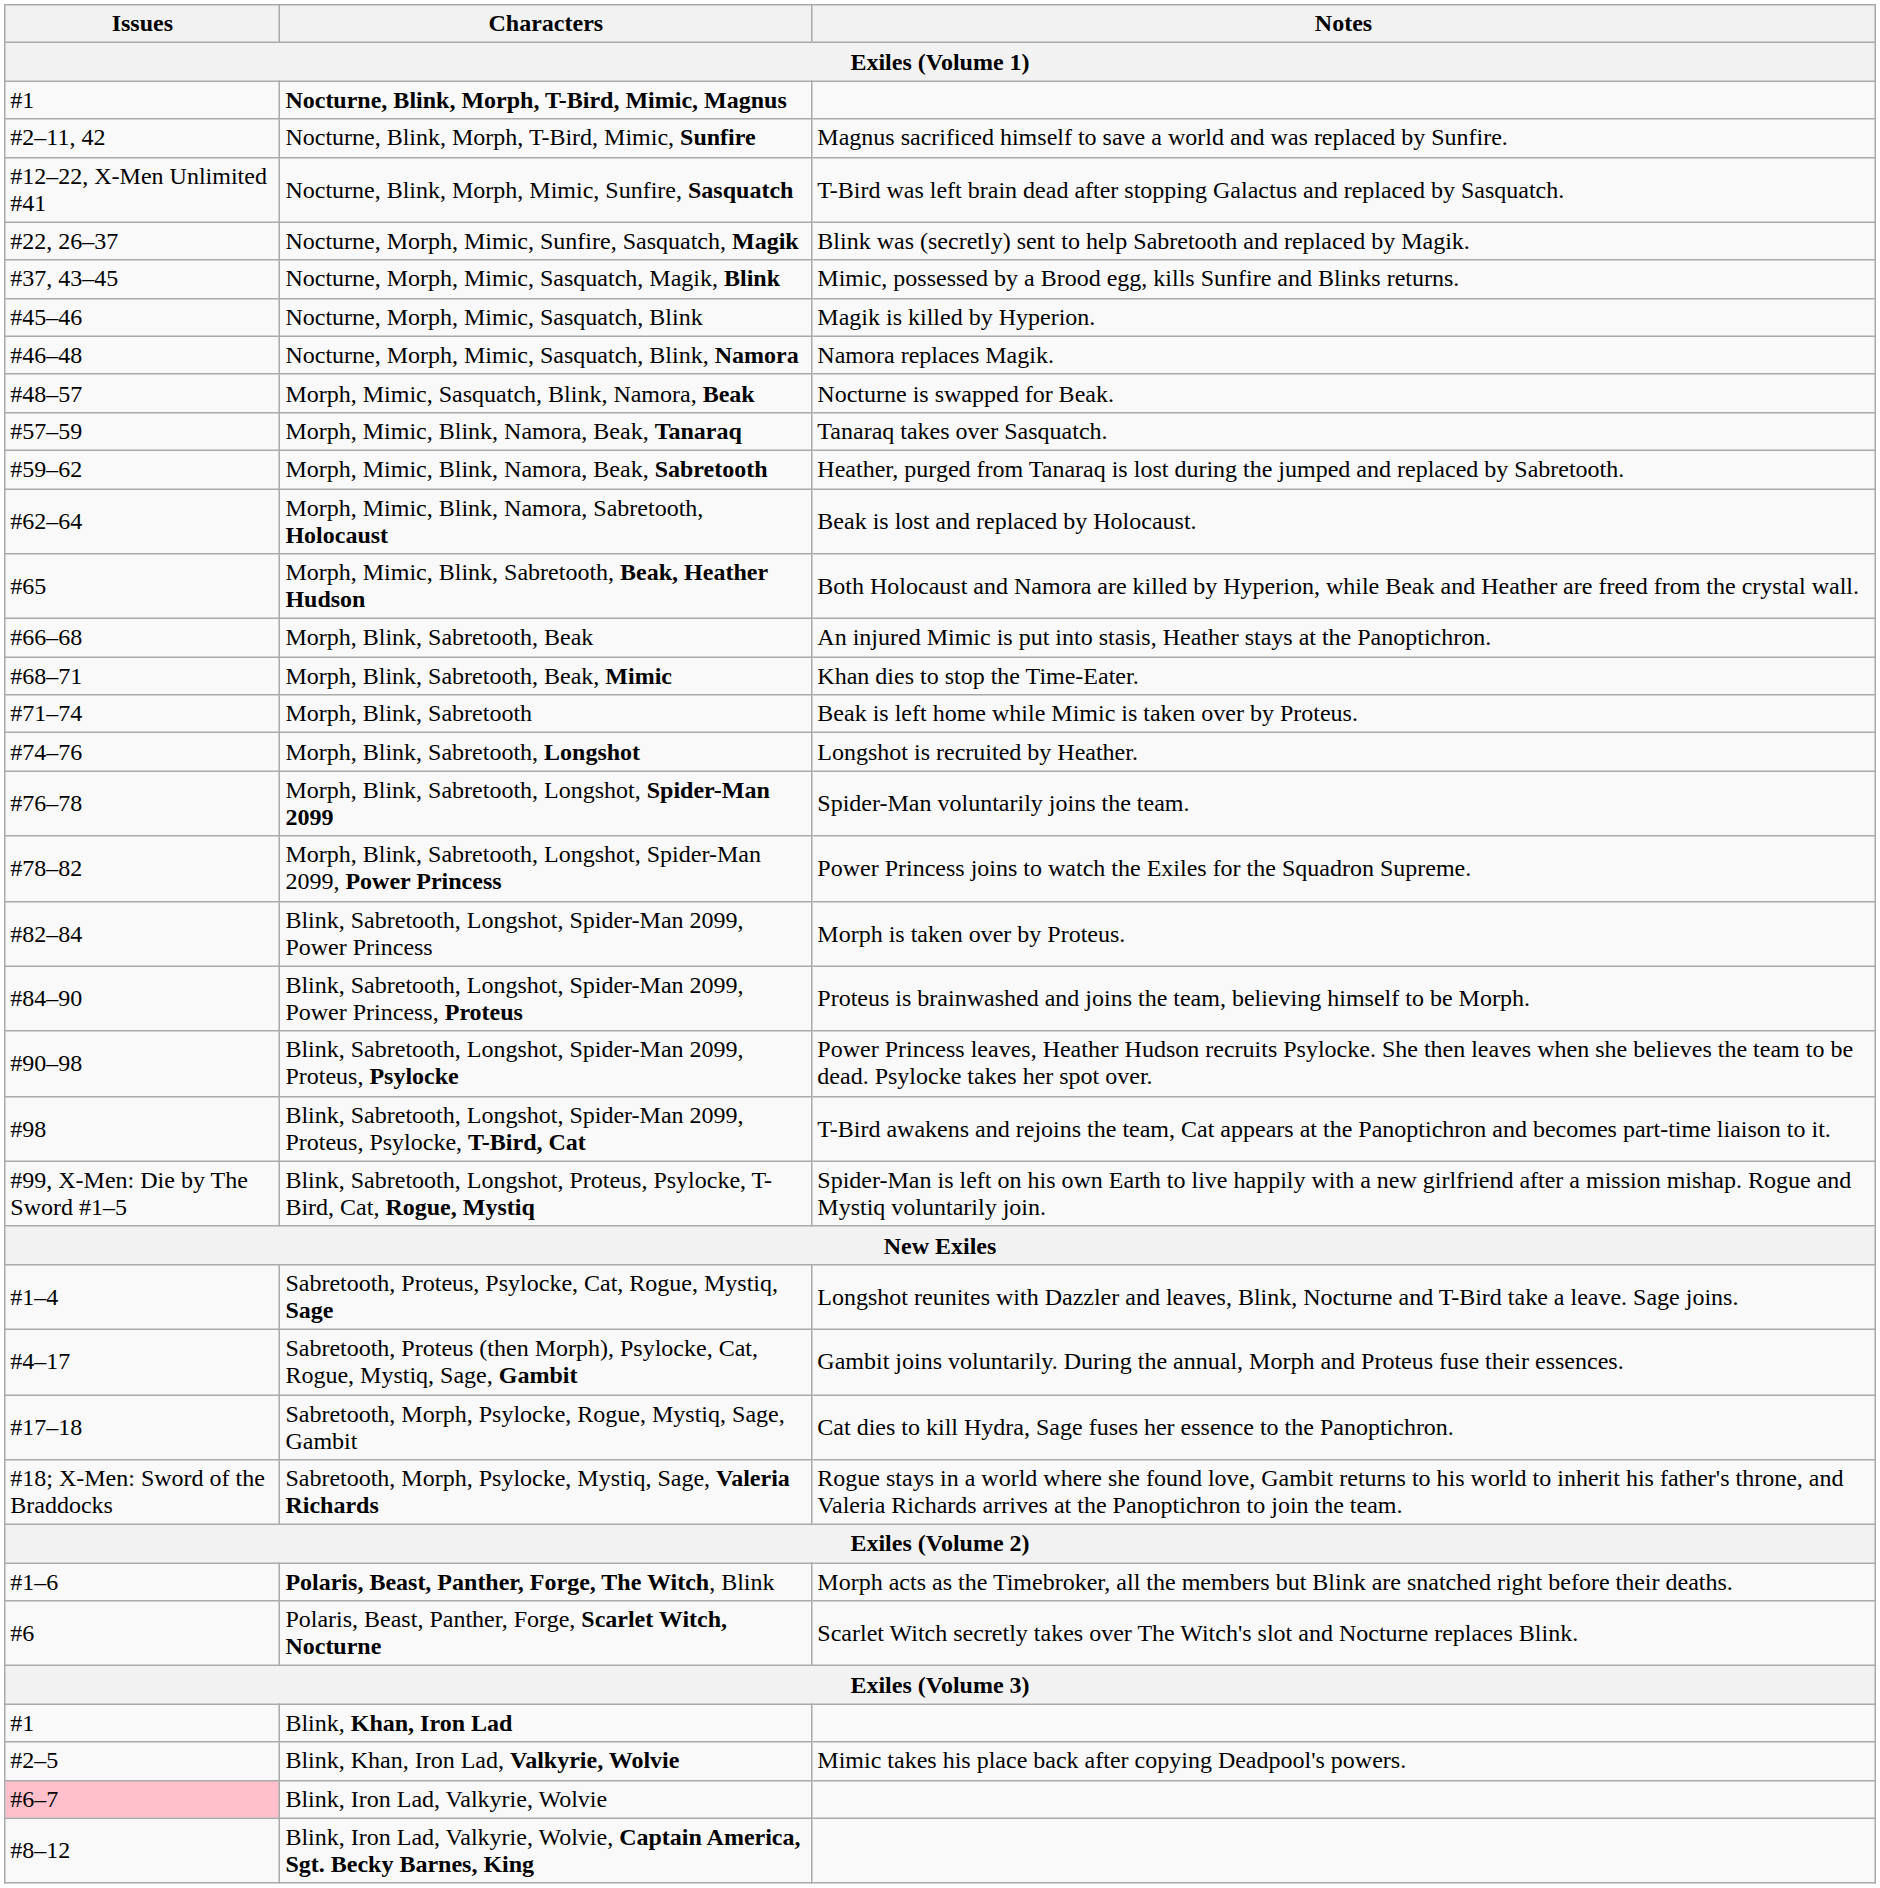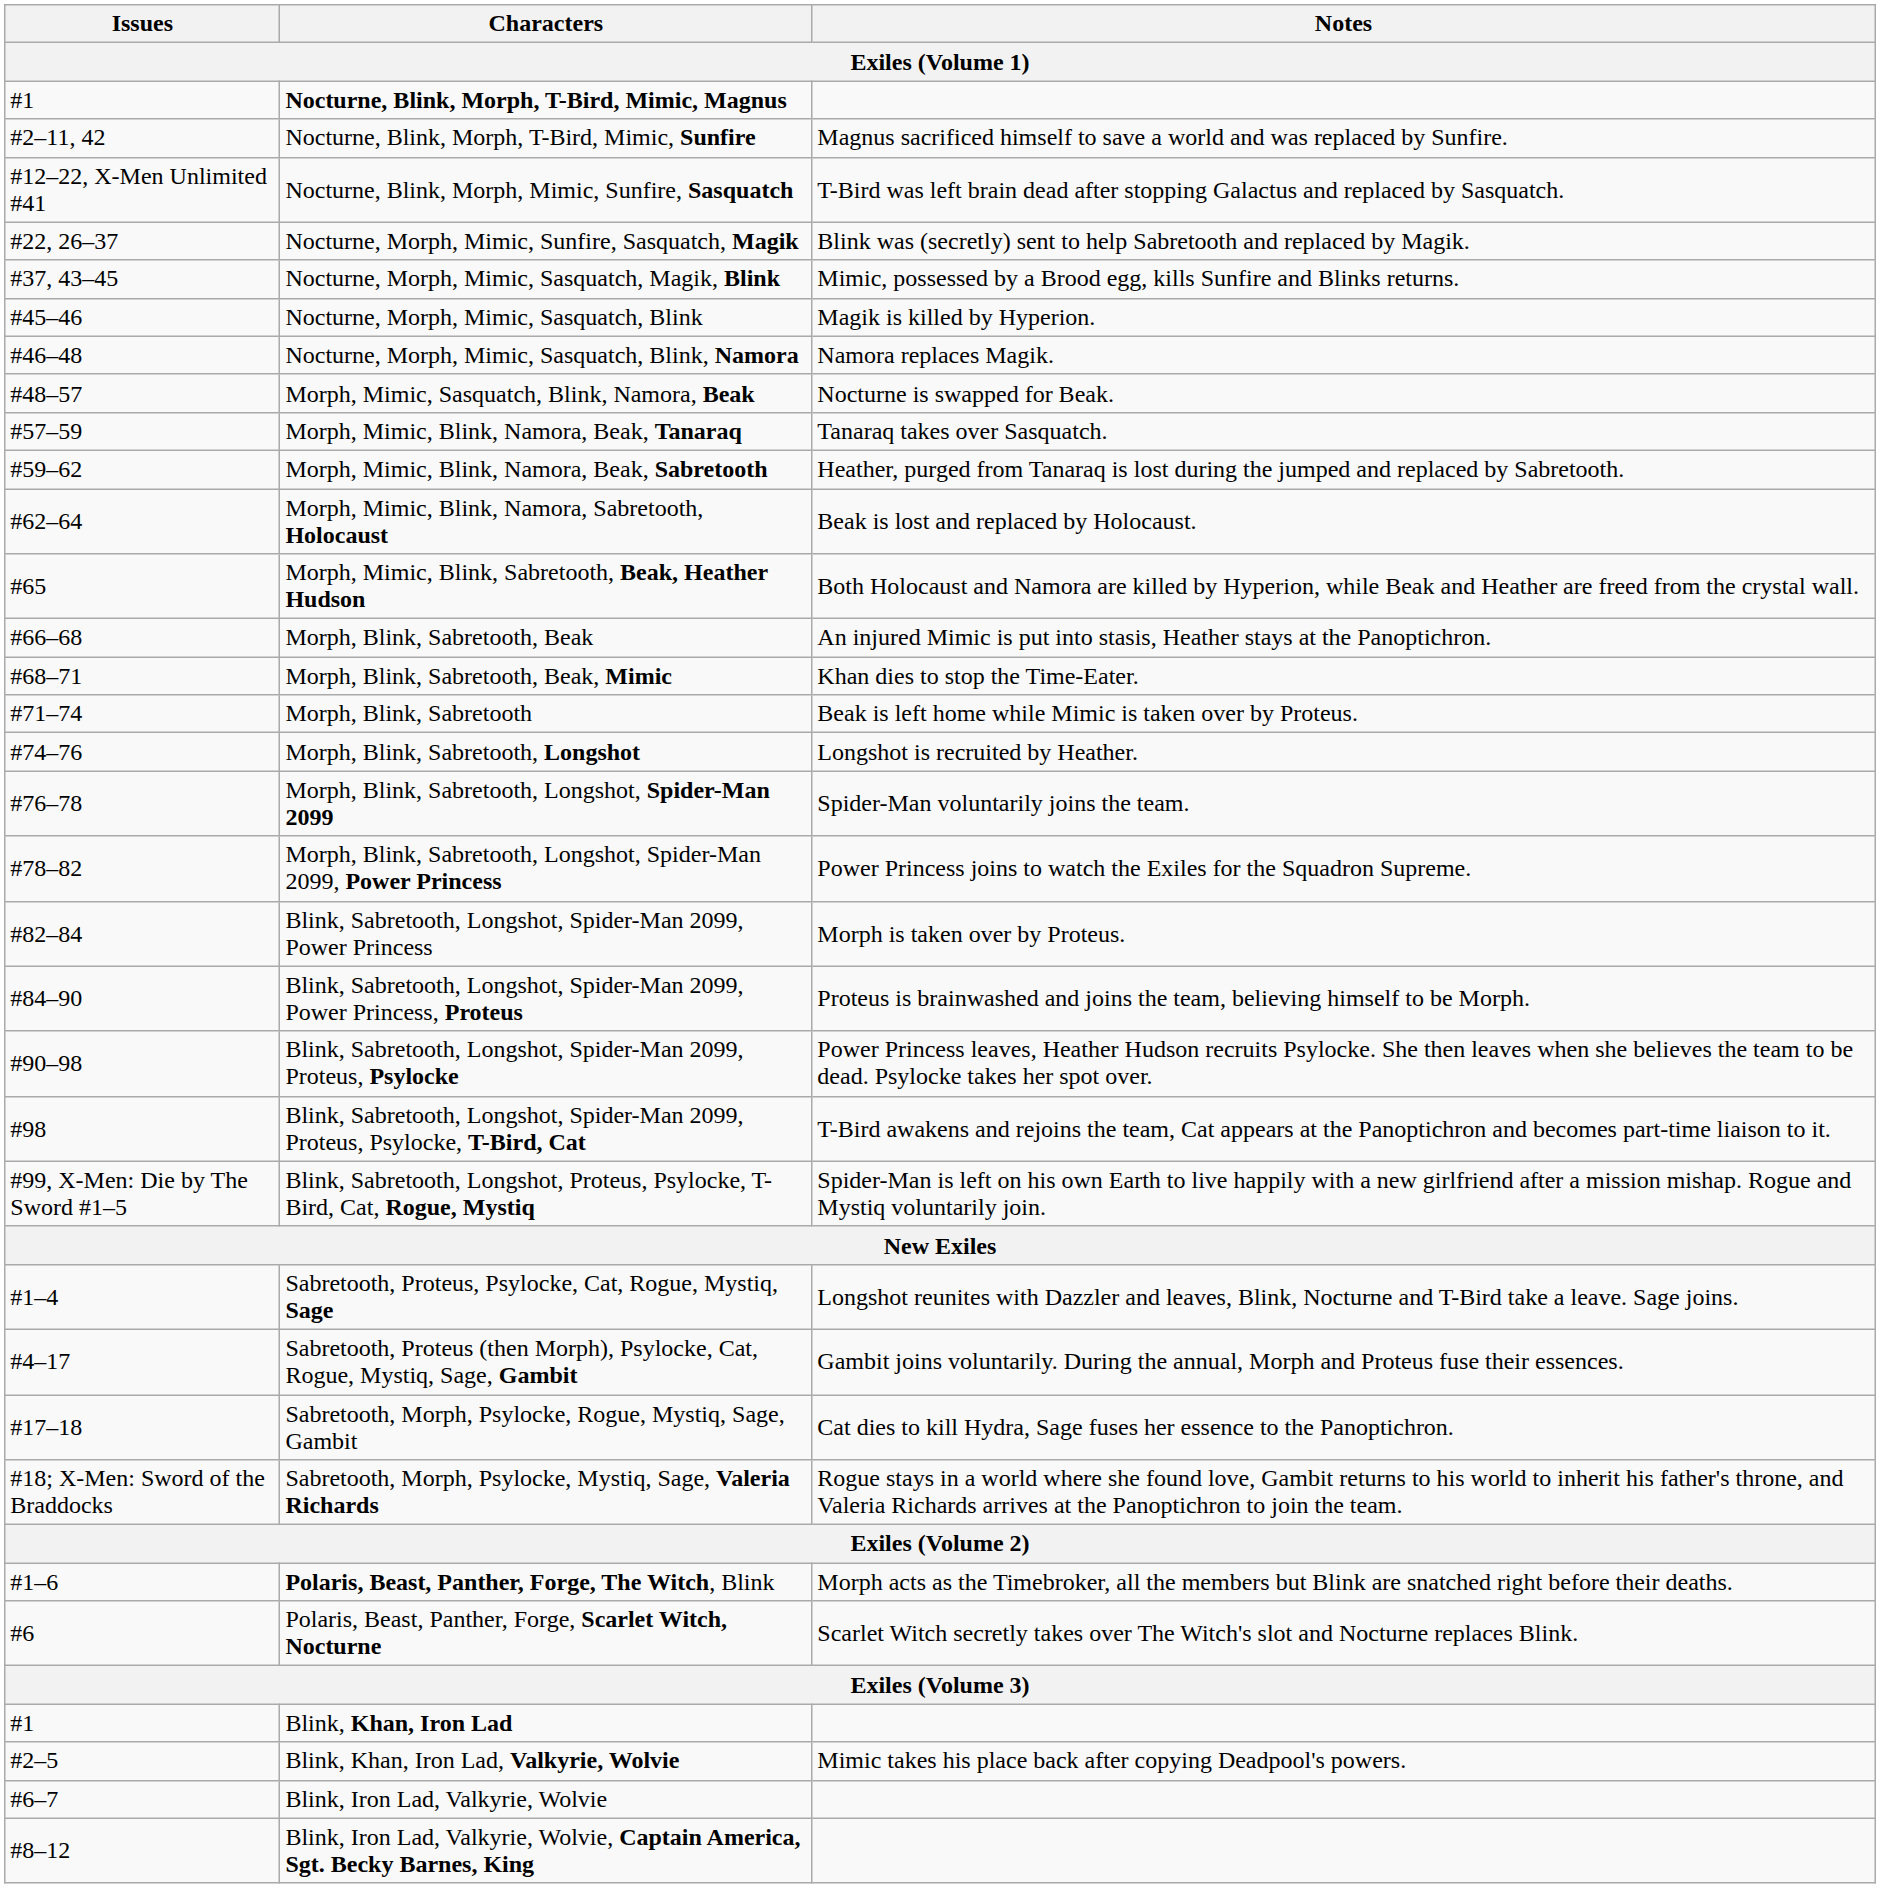 <table class="wikitable">
 <tr>
 <th>Issues</th>
 <th>Characters</th>
 <th>Notes</th>
 </tr>
 <tr>
 <th colspan="3">Exiles (Volume 1)</th>
 </tr>
 <tr>
 <td>#1</td>
 <td><strong>Nocturne, Blink, Morph, T-Bird, Mimic, Magnus</strong></td>
 <td></td>
 </tr>
 <tr>
 <td>#2–11, 42</td>
 <td>Nocturne, Blink, Morph, T-Bird, Mimic, <strong>Sunfire</strong></td>
 <td>Magnus sacrificed himself to save a world and was replaced by Sunfire.</td>
 </tr>
 <tr>
 <td>#12–22, X-Men Unlimited #41</td>
 <td>Nocturne, Blink, Morph, Mimic, Sunfire, <strong>Sasquatch</strong></td>
 <td>T-Bird was left brain dead after stopping Galactus and replaced by Sasquatch.</td>
 </tr>
 <tr>
 <td>#22, 26–37</td>
 <td>Nocturne, Morph, Mimic, Sunfire, Sasquatch, <strong>Magik</strong></td>
 <td>Blink was (secretly) sent to help Sabretooth and replaced by Magik.</td>
 </tr>
 <tr>
 <td>#37, 43–45</td>
 <td>Nocturne, Morph, Mimic, Sasquatch, Magik, <strong>Blink</strong></td>
 <td>Mimic, possessed by a Brood egg, kills Sunfire and Blinks returns.</td>
 </tr>
 <tr>
 <td>#45–46</td>
 <td>Nocturne, Morph, Mimic, Sasquatch, Blink</td>
 <td>Magik is killed by Hyperion.</td>
 </tr>
 <tr>
 <td>#46–48</td>
 <td>Nocturne, Morph, Mimic, Sasquatch, Blink, <strong>Namora</strong></td>
 <td>Namora replaces Magik.</td>
 </tr>
 <tr>
 <td>#48–57</td>
 <td>Morph, Mimic, Sasquatch, Blink, Namora, <strong>Beak</strong></td>
 <td>Nocturne is swapped for Beak.</td>
 </tr>
 <tr>
 <td>#57–59</td>
 <td>Morph, Mimic, Blink, Namora, Beak, <strong>Tanaraq</strong></td>
 <td>Tanaraq takes over Sasquatch.</td>
 </tr>
 <tr>
 <td>#59–62</td>
 <td>Morph, Mimic, Blink, Namora, Beak, <strong>Sabretooth</strong></td>
 <td>Heather, purged from Tanaraq is lost during the jumped and replaced by Sabretooth.</td>
 </tr>
 <tr>
 <td>#62–64</td>
 <td>Morph, Mimic, Blink, Namora, Sabretooth, <strong>Holocaust</strong></td>
 <td>Beak is lost and replaced by Holocaust.</td>
 </tr>
 <tr>
 <td>#65</td>
 <td>Morph, Mimic, Blink, Sabretooth, <strong>Beak, Heather Hudson</strong></td>
 <td>Both Holocaust and Namora are killed by Hyperion, while Beak and Heather are freed from the crystal wall.</td>
 </tr>
 <tr>
 <td>#66–68</td>
 <td>Morph, Blink, Sabretooth, Beak</td>
 <td>An injured Mimic is put into stasis, Heather stays at the Panoptichron.</td>
 </tr>
 <tr>
 <td>#68–71</td>
 <td>Morph, Blink, Sabretooth, Beak, <strong>Mimic</strong></td>
 <td>Khan dies to stop the Time-Eater.</td>
 </tr>
 <tr>
 <td>#71–74</td>
 <td>Morph, Blink, Sabretooth</td>
 <td>Beak is left home while Mimic is taken over by Proteus.</td>
 </tr>
 <tr>
 <td>#74–76</td>
 <td>Morph, Blink, Sabretooth, <strong>Longshot</strong></td>
 <td>Longshot is recruited by Heather.</td>
 </tr>
 <tr>
 <td>#76–78</td>
 <td>Morph, Blink, Sabretooth, Longshot, <strong>Spider-Man 2099</strong></td>
 <td>Spider-Man voluntarily joins the team.</td>
 </tr>
 <tr>
 <td>#78–82</td>
 <td>Morph, Blink, Sabretooth, Longshot, Spider-Man 2099, <strong>Power Princess</strong></td>
 <td>Power Princess joins to watch the Exiles for the Squadron Supreme.</td>
 </tr>
 <tr>
 <td>#82–84</td>
 <td>Blink, Sabretooth, Longshot, Spider-Man 2099, Power Princess</td>
 <td>Morph is taken over by Proteus.</td>
 </tr>
 <tr>
 <td>#84–90</td>
 <td>Blink, Sabretooth, Longshot, Spider-Man 2099, Power Princess, <strong>Proteus</strong></td>
 <td>Proteus is brainwashed and joins the team, believing himself to be Morph.</td>
 </tr>
 <tr>
 <td>#90–98</td>
 <td>Blink, Sabretooth, Longshot, Spider-Man 2099, Proteus, <strong>Psylocke</strong></td>
 <td>Power Princess leaves, Heather Hudson recruits Psylocke.  She then leaves when she believes the team to be dead.  Psylocke takes her spot over.</td>
 </tr>
 <tr>
 <td>#98</td>
 <td>Blink, Sabretooth, Longshot, Spider-Man 2099, Proteus, Psylocke, <strong>T-Bird, Cat</strong></td>
 <td>T-Bird awakens and rejoins the team, Cat appears at the Panoptichron and becomes part-time liaison to it.</td>
 </tr>
 <tr>
 <td>#99, X-Men: Die by The Sword #1–5</td>
 <td>Blink, Sabretooth, Longshot, Proteus, Psylocke, T-Bird, Cat, <strong>Rogue, Mystiq</strong></td>
 <td>Spider-Man is left on his own Earth to live happily with a new girlfriend after a mission mishap.  Rogue and Mystiq voluntarily join.</td>
 </tr>
 <tr>
 <th colspan="3">New Exiles</th>
 </tr>
 <tr>
 <td>#1–4</td>
 <td>Sabretooth, Proteus, Psylocke, Cat, Rogue, Mystiq, <strong>Sage</strong></td>
 <td>Longshot reunites with Dazzler and leaves, Blink, Nocturne and T-Bird take a leave.  Sage joins.</td>
 </tr>
 <tr>
 <td>#4–17</td>
 <td>Sabretooth, Proteus (then Morph), Psylocke, Cat, Rogue, Mystiq, Sage, <strong>Gambit</strong></td>
 <td>Gambit joins voluntarily.  During the annual, Morph and Proteus fuse their essences.</td>
 </tr>
 <tr>
 <td>#17–18</td>
 <td>Sabretooth, Morph, Psylocke, Rogue, Mystiq, Sage, Gambit</td>
 <td>Cat dies to kill Hydra, Sage fuses her essence to the Panoptichron.</td>
 </tr>
 <tr>
 <td>#18;  X-Men: Sword of the Braddocks</td>
 <td>Sabretooth, Morph, Psylocke, Mystiq, Sage, <strong>Valeria Richards</strong></td>
 <td>Rogue stays in a world where she found love, Gambit returns to his world to inherit his father's throne, and Valeria Richards arrives at the Panoptichron to join the team.</td>
 </tr>
 <tr>
 <th colspan="3">Exiles (Volume 2)</th>
 </tr>
 <tr>
 <td>#1–6</td>
 <td><strong>Polaris, Beast, Panther, Forge, The Witch</strong>, Blink</td>
 <td>Morph acts as the Timebroker, all the members but Blink are snatched right before their deaths.</td>
 </tr>
 <tr>
 <td>#6</td>
 <td>Polaris, Beast, Panther, Forge, <strong>Scarlet Witch, Nocturne</strong></td>
 <td>Scarlet Witch secretly takes over The Witch's slot and Nocturne replaces Blink.</td>
 </tr>
 <tr>
 <th colspan="3">Exiles (Volume 3)</th>
 </tr>
 <tr>
 <td>#1</td>
 <td>Blink, <strong>Khan, Iron Lad</strong></td>
 <td></td>
 </tr>
 <tr>
 <td>#2–5</td>
 <td>Blink, Khan, Iron Lad, <strong>Valkyrie, Wolvie</strong></td>
 <td>Mimic takes his place back after copying Deadpool's powers.</td>
 </tr>
 <tr>
-<td style="background: pink;">#6–7</td>
+<td>#6–7</td>
 <td>Blink, Iron Lad, Valkyrie, Wolvie</td>
 <td></td>
 </tr>
 <tr>
 <td>#8–12</td>
 <td>Blink, Iron Lad, Valkyrie, Wolvie, <strong>Captain America, Sgt. Becky Barnes, King</strong></td>
 <td></td>
 </tr>
 </table>
